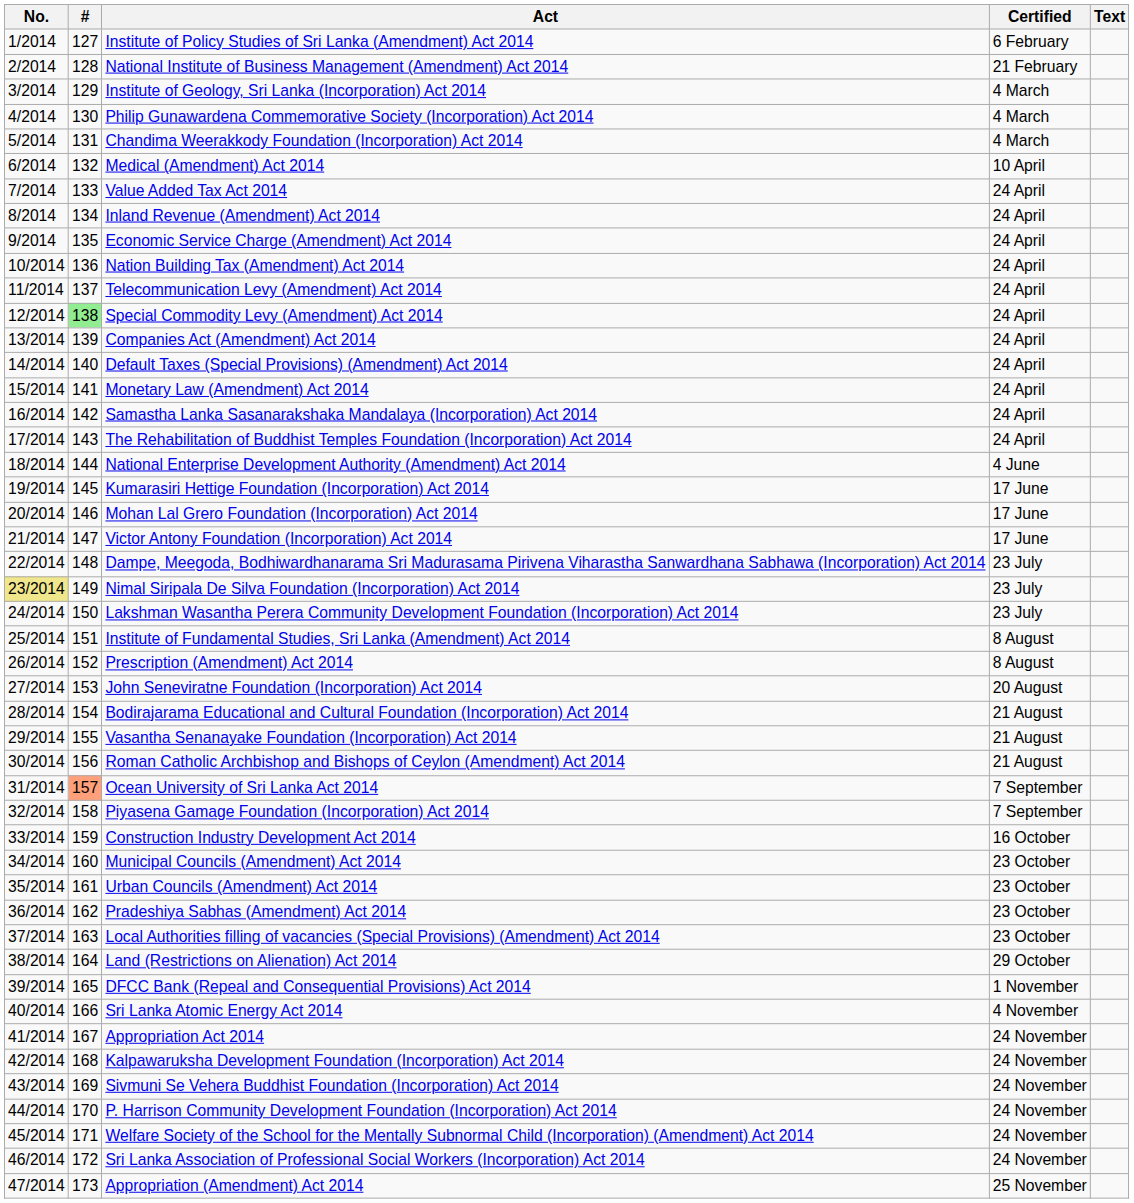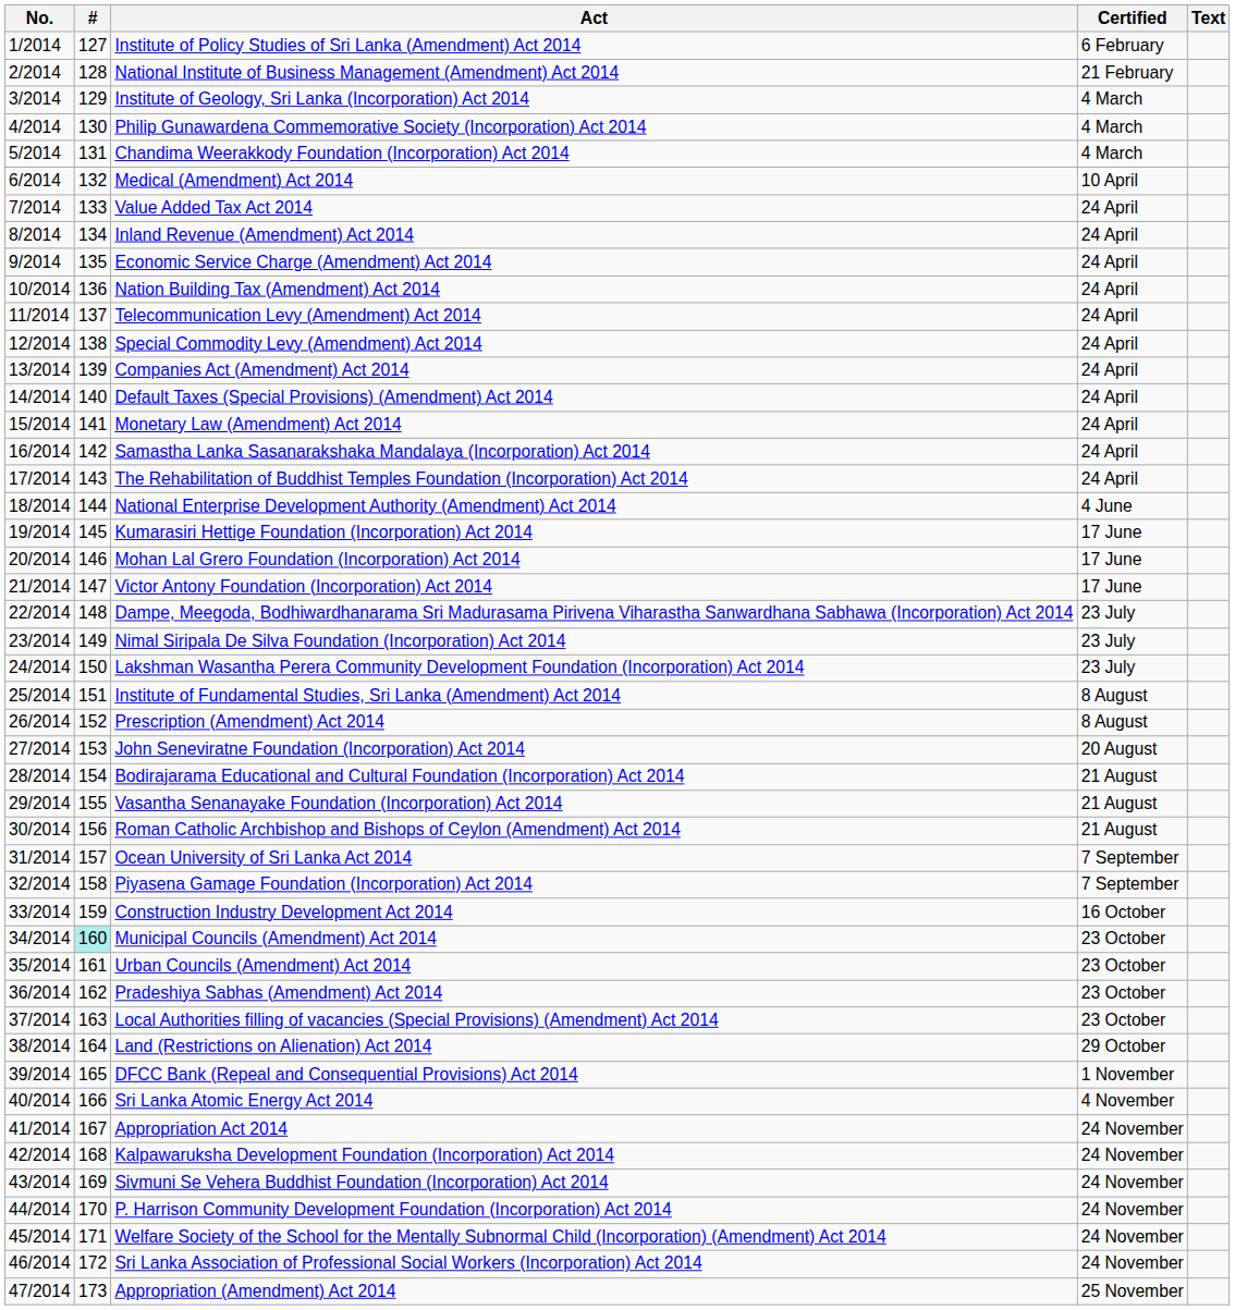 <table class="wikitable sortable">
 <tr>
 <th>No.</th>
 <th>#</th>
 <th>Act</th>
 <th>Certified</th>
 <th>Text</th>
 </tr>
 <tr>
 <td>1/2014</td>
 <td>127</td>
 <td><a href='#'>Institute of Policy Studies of Sri Lanka (Amendment) Act 2014</a></td>
 <td>6 February</td>
 <td></td>
 </tr>
 <tr>
 <td>2/2014</td>
 <td>128</td>
 <td><a href='#'>National Institute of Business Management (Amendment) Act 2014</a></td>
 <td>21 February</td>
 <td></td>
 </tr>
 <tr>
 <td>3/2014</td>
 <td>129</td>
 <td><a href='#'>Institute of Geology, Sri Lanka (Incorporation) Act 2014</a></td>
 <td>4 March</td>
 <td></td>
 </tr>
 <tr>
 <td>4/2014</td>
 <td>130</td>
 <td><a href='#'>Philip Gunawardena Commemorative Society (Incorporation) Act 2014</a></td>
 <td>4 March</td>
 <td></td>
 </tr>
 <tr>
 <td>5/2014</td>
 <td>131</td>
 <td><a href='#'>Chandima Weerakkody Foundation (Incorporation) Act 2014</a></td>
 <td>4 March</td>
 <td></td>
 </tr>
 <tr>
 <td>6/2014</td>
 <td>132</td>
 <td><a href='#'>Medical (Amendment) Act 2014</a></td>
 <td>10 April</td>
 <td></td>
 </tr>
 <tr>
 <td>7/2014</td>
 <td>133</td>
 <td><a href='#'>Value Added Tax Act 2014</a></td>
 <td>24 April</td>
 <td></td>
 </tr>
 <tr>
 <td>8/2014</td>
 <td>134</td>
 <td><a href='#'>Inland Revenue (Amendment) Act 2014</a></td>
 <td>24 April</td>
 <td></td>
 </tr>
 <tr>
 <td>9/2014</td>
 <td>135</td>
 <td><a href='#'>Economic Service Charge (Amendment) Act 2014</a></td>
 <td>24 April</td>
 <td></td>
 </tr>
 <tr>
 <td>10/2014</td>
 <td>136</td>
 <td><a href='#'>Nation Building Tax (Amendment) Act 2014</a></td>
 <td>24 April</td>
 <td></td>
 </tr>
 <tr>
 <td>11/2014</td>
 <td>137</td>
 <td><a href='#'>Telecommunication Levy (Amendment) Act 2014</a></td>
 <td>24 April</td>
 <td></td>
 </tr>
 <tr>
 <td>12/2014</td>
-<td style="background: lightgreen;">138</td>
+<td>138</td>
 <td><a href='#'>Special Commodity Levy (Amendment) Act 2014</a></td>
 <td>24 April</td>
 <td></td>
 </tr>
 <tr>
 <td>13/2014</td>
 <td>139</td>
 <td><a href='#'>Companies Act (Amendment) Act 2014</a></td>
 <td>24 April</td>
 <td></td>
 </tr>
 <tr>
 <td>14/2014</td>
 <td>140</td>
 <td><a href='#'>Default Taxes (Special Provisions) (Amendment) Act 2014</a></td>
 <td>24 April</td>
 <td></td>
 </tr>
 <tr>
 <td>15/2014</td>
 <td>141</td>
 <td><a href='#'>Monetary Law (Amendment) Act 2014</a></td>
 <td>24 April</td>
 <td></td>
 </tr>
 <tr>
 <td>16/2014</td>
 <td>142</td>
 <td><a href='#'>Samastha Lanka Sasanarakshaka Mandalaya (Incorporation) Act 2014</a></td>
 <td>24 April</td>
 <td></td>
 </tr>
 <tr>
 <td>17/2014</td>
 <td>143</td>
 <td><a href='#'>The Rehabilitation of Buddhist Temples Foundation (Incorporation) Act 2014</a></td>
 <td>24 April</td>
 <td></td>
 </tr>
 <tr>
 <td>18/2014</td>
 <td>144</td>
 <td><a href='#'>National Enterprise Development Authority (Amendment) Act 2014</a></td>
 <td>4 June</td>
 <td></td>
 </tr>
 <tr>
 <td>19/2014</td>
 <td>145</td>
 <td><a href='#'>Kumarasiri Hettige Foundation (Incorporation) Act 2014</a></td>
 <td>17 June</td>
 <td></td>
 </tr>
 <tr>
 <td>20/2014</td>
 <td>146</td>
 <td><a href='#'>Mohan Lal Grero Foundation (Incorporation) Act 2014</a></td>
 <td>17 June</td>
 <td></td>
 </tr>
 <tr>
 <td>21/2014</td>
 <td>147</td>
 <td><a href='#'>Victor Antony Foundation (Incorporation) Act 2014</a></td>
 <td>17 June</td>
 <td></td>
 </tr>
 <tr>
 <td>22/2014</td>
 <td>148</td>
 <td><a href='#'>Dampe, Meegoda, Bodhiwardhanarama Sri Madurasama Pirivena Viharastha Sanwardhana Sabhawa (Incorporation) Act 2014</a></td>
 <td>23 July</td>
 <td></td>
 </tr>
 <tr>
-<td style="background: khaki;">23/2014</td>
+<td>23/2014</td>
 <td>149</td>
 <td><a href='#'>Nimal Siripala De Silva Foundation (Incorporation) Act 2014</a></td>
 <td>23 July</td>
 <td></td>
 </tr>
 <tr>
 <td>24/2014</td>
 <td>150</td>
 <td><a href='#'>Lakshman Wasantha Perera Community Development Foundation (Incorporation) Act 2014</a></td>
 <td>23 July</td>
 <td></td>
 </tr>
 <tr>
 <td>25/2014</td>
 <td>151</td>
 <td><a href='#'>Institute of Fundamental Studies, Sri Lanka (Amendment) Act 2014</a></td>
 <td>8 August</td>
 <td></td>
 </tr>
 <tr>
 <td>26/2014</td>
 <td>152</td>
 <td><a href='#'>Prescription (Amendment) Act 2014</a></td>
 <td>8 August</td>
 <td></td>
 </tr>
 <tr>
 <td>27/2014</td>
 <td>153</td>
 <td><a href='#'>John Seneviratne Foundation (Incorporation) Act 2014</a></td>
 <td>20 August</td>
 <td></td>
 </tr>
 <tr>
 <td>28/2014</td>
 <td>154</td>
 <td><a href='#'>Bodirajarama Educational and Cultural Foundation (Incorporation) Act 2014</a></td>
 <td>21 August</td>
 <td></td>
 </tr>
 <tr>
 <td>29/2014</td>
 <td>155</td>
 <td><a href='#'>Vasantha Senanayake Foundation (Incorporation) Act 2014</a></td>
 <td>21 August</td>
 <td></td>
 </tr>
 <tr>
 <td>30/2014</td>
 <td>156</td>
 <td><a href='#'>Roman Catholic Archbishop and Bishops of Ceylon (Amendment) Act 2014</a></td>
 <td>21 August</td>
 <td></td>
 </tr>
 <tr>
 <td>31/2014</td>
-<td style="background: lightsalmon;">157</td>
+<td>157</td>
 <td><a href='#'>Ocean University of Sri Lanka Act 2014</a></td>
 <td>7 September</td>
 <td></td>
 </tr>
 <tr>
 <td>32/2014</td>
 <td>158</td>
 <td><a href='#'>Piyasena Gamage Foundation (Incorporation) Act 2014</a></td>
 <td>7 September</td>
 <td></td>
 </tr>
 <tr>
 <td>33/2014</td>
 <td>159</td>
 <td><a href='#'>Construction Industry Development Act 2014</a></td>
 <td>16 October</td>
 <td></td>
 </tr>
 <tr>
 <td>34/2014</td>
-<td>160</td>
+<td style="background: paleturquoise;">160</td>
 <td><a href='#'>Municipal Councils (Amendment) Act 2014</a></td>
 <td>23 October</td>
 <td></td>
 </tr>
 <tr>
 <td>35/2014</td>
 <td>161</td>
 <td><a href='#'>Urban Councils (Amendment) Act 2014</a></td>
 <td>23 October</td>
 <td></td>
 </tr>
 <tr>
 <td>36/2014</td>
 <td>162</td>
 <td><a href='#'>Pradeshiya Sabhas (Amendment) Act 2014</a></td>
 <td>23 October</td>
 <td></td>
 </tr>
 <tr>
 <td>37/2014</td>
 <td>163</td>
 <td><a href='#'>Local Authorities filling of vacancies (Special Provisions) (Amendment) Act 2014</a></td>
 <td>23 October</td>
 <td></td>
 </tr>
 <tr>
 <td>38/2014</td>
 <td>164</td>
 <td><a href='#'>Land (Restrictions on Alienation) Act 2014</a></td>
 <td>29 October</td>
 <td></td>
 </tr>
 <tr>
 <td>39/2014</td>
 <td>165</td>
 <td><a href='#'>DFCC Bank (Repeal and Consequential Provisions) Act 2014</a></td>
 <td>1 November</td>
 <td></td>
 </tr>
 <tr>
 <td>40/2014</td>
 <td>166</td>
 <td><a href='#'>Sri Lanka Atomic Energy Act 2014</a></td>
 <td>4 November</td>
 <td></td>
 </tr>
 <tr>
 <td>41/2014</td>
 <td>167</td>
 <td><a href='#'>Appropriation Act 2014</a></td>
 <td>24 November</td>
 <td></td>
 </tr>
 <tr>
 <td>42/2014</td>
 <td>168</td>
 <td><a href='#'>Kalpawaruksha Development Foundation (Incorporation) Act 2014</a></td>
 <td>24 November</td>
 <td></td>
 </tr>
 <tr>
 <td>43/2014</td>
 <td>169</td>
 <td><a href='#'>Sivmuni Se Vehera Buddhist Foundation (Incorporation) Act 2014</a></td>
 <td>24 November</td>
 <td></td>
 </tr>
 <tr>
 <td>44/2014</td>
 <td>170</td>
 <td><a href='#'>P. Harrison Community Development Foundation (Incorporation) Act 2014</a></td>
 <td>24 November</td>
 <td></td>
 </tr>
 <tr>
 <td>45/2014</td>
 <td>171</td>
 <td><a href='#'>Welfare Society of the School for the Mentally Subnormal Child (Incorporation) (Amendment) Act 2014</a></td>
 <td>24 November</td>
 <td></td>
 </tr>
 <tr>
 <td>46/2014</td>
 <td>172</td>
 <td><a href='#'>Sri Lanka Association of Professional Social Workers (Incorporation) Act 2014</a></td>
 <td>24 November</td>
 <td></td>
 </tr>
 <tr>
 <td>47/2014</td>
 <td>173</td>
 <td><a href='#'>Appropriation (Amendment) Act 2014</a></td>
 <td>25 November</td>
 <td></td>
 </tr>
 </table>
